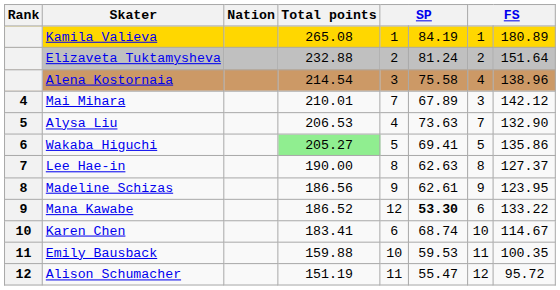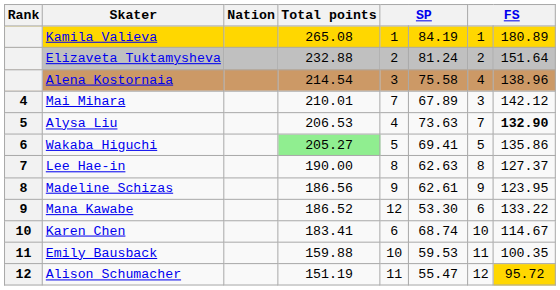 <table class="wikitable sortable" style="text-align:left">
 <tr>
 <th scope="col">Rank</th>
 <th scope="col">Skater</th>
 <th scope="col">Nation</th>
 <th scope="col">Total points</th>
 <th scope="col" colspan="2" width="80px"><a href='#'>SP</a></th>
 <th scope="col" colspan="2" width="80px"><a href='#'>FS</a></th>
 </tr>
 <tr bgcolor="gold">
 <th scope="row"></th>
 <td><a href='#'>Kamila Valieva</a></td>
 <td></td>
 <td align="center">265.08</td>
 <td align="center">1</td>
 <td align="center">84.19</td>
 <td align="center">1</td>
 <td align="center">180.89</td>
 </tr>
 <tr bgcolor="silver">
 <th scope="row"></th>
 <td><a href='#'>Elizaveta Tuktamysheva</a></td>
 <td></td>
 <td align="center">232.88</td>
 <td align="center">2</td>
 <td align="center">81.24</td>
 <td align="center">2</td>
 <td align="center">151.64</td>
 </tr>
 <tr bgcolor="cc9966">
 <th scope="row"></th>
 <td><a href='#'>Alena Kostornaia</a></td>
 <td></td>
 <td align="center">214.54</td>
 <td align="center">3</td>
 <td align="center">75.58</td>
 <td align="center">4</td>
 <td align="center">138.96</td>
 </tr>
 <tr>
 <th scope="row">4</th>
 <td><a href='#'>Mai Mihara</a></td>
 <td></td>
 <td align="center">210.01</td>
 <td align="center">7</td>
 <td align="center">67.89</td>
 <td align="center">3</td>
 <td align="center">142.12</td>
 </tr>
 <tr>
 <th scope="row">5</th>
 <td><a href='#'>Alysa Liu</a></td>
 <td></td>
 <td align="center">206.53</td>
 <td align="center">4</td>
 <td align="center">73.63</td>
 <td align="center">7</td>
-<td align="center">132.90</td>
+<td align="center"><strong>132.90</strong></td>
 </tr>
 <tr>
 <th scope="row">6</th>
 <td><a href='#'>Wakaba Higuchi</a></td>
 <td></td>
 <td align="center" style="background: lightgreen;">205.27</td>
 <td align="center">5</td>
 <td align="center">69.41</td>
 <td align="center">5</td>
 <td align="center">135.86</td>
 </tr>
 <tr>
 <th scope="row">7</th>
 <td><a href='#'>Lee Hae-in</a></td>
 <td></td>
 <td align="center">190.00</td>
 <td align="center">8</td>
 <td align="center">62.63</td>
 <td align="center">8</td>
 <td align="center">127.37</td>
 </tr>
 <tr>
 <th scope="row">8</th>
 <td><a href='#'>Madeline Schizas</a></td>
 <td></td>
 <td align="center">186.56</td>
 <td align="center">9</td>
 <td align="center">62.61</td>
 <td align="center">9</td>
 <td align="center">123.95</td>
 </tr>
 <tr>
 <th scope="row">9</th>
 <td><a href='#'>Mana Kawabe</a></td>
 <td></td>
 <td align="center">186.52</td>
 <td align="center">12</td>
-<td align="center"><strong>53.30</strong></td>
+<td align="center">53.30</td>
 <td align="center">6</td>
 <td align="center">133.22</td>
 </tr>
 <tr>
 <th scope="row">10</th>
 <td><a href='#'>Karen Chen</a></td>
 <td></td>
 <td align="center">183.41</td>
 <td align="center">6</td>
 <td align="center">68.74</td>
 <td align="center">10</td>
 <td align="center">114.67</td>
 </tr>
 <tr>
 <th scope="row">11</th>
 <td><a href='#'>Emily Bausback</a></td>
 <td></td>
 <td align="center">159.88</td>
 <td align="center">10</td>
 <td align="center">59.53</td>
 <td align="center">11</td>
 <td align="center">100.35</td>
 </tr>
 <tr>
 <th scope="row">12</th>
 <td><a href='#'>Alison Schumacher</a></td>
 <td></td>
 <td align="center">151.19</td>
 <td align="center">11</td>
 <td align="center">55.47</td>
 <td align="center">12</td>
-<td align="center">95.72</td>
+<td align="center" style="background: gold;">95.72</td>
 </tr>
 </table>
